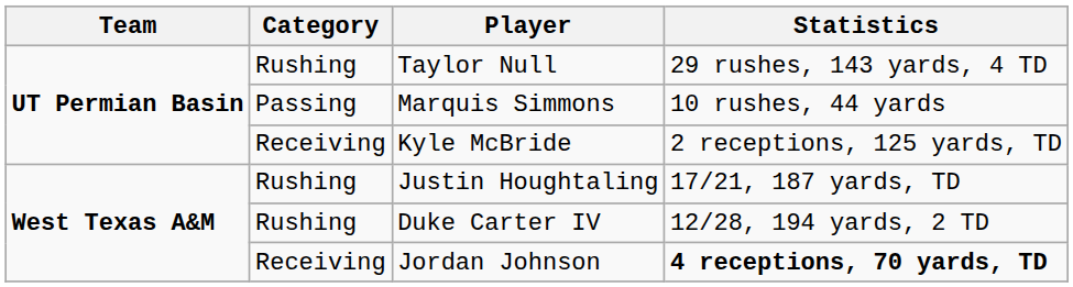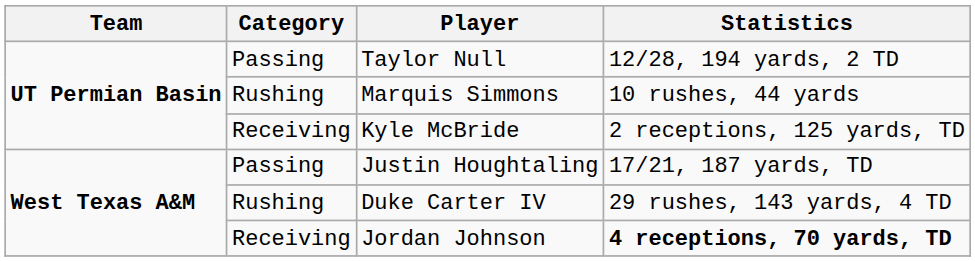 <table class="wikitable" style="float: right;">
 <tr>
 <th>Team</th>
 <th>Category</th>
 <th>Player</th>
 <th>Statistics</th>
 </tr>
 <tr>
 <td rowspan=3><strong>UT Permian Basin</strong></td>
-<td>Rushing</td>
+<td>Passing</td>
 <td>Taylor Null</td>
-<td>29 rushes, 143 yards, 4 TD</td>
+<td>12/28, 194 yards, 2 TD</td>
 </tr>
 <tr>
-<td>Passing</td>
+<td>Rushing</td>
 <td>Marquis Simmons</td>
 <td>10 rushes, 44 yards</td>
 </tr>
 <tr>
 <td>Receiving</td>
 <td>Kyle McBride</td>
 <td>2 receptions, 125 yards, TD</td>
 </tr>
 <tr>
 <td rowspan=3><strong>West Texas A&M</strong></td>
-<td>Rushing</td>
+<td>Passing</td>
 <td>Justin Houghtaling</td>
 <td>17/21, 187 yards, TD</td>
 </tr>
 <tr>
 <td>Rushing</td>
 <td>Duke Carter IV</td>
-<td>12/28, 194 yards, 2 TD</td>
+<td>29 rushes, 143 yards, 4 TD</td>
 </tr>
 <tr>
 <td>Receiving</td>
 <td>Jordan Johnson</td>
 <td><strong>4 receptions, 70 yards, TD</strong></td>
 </tr>
 </table>
